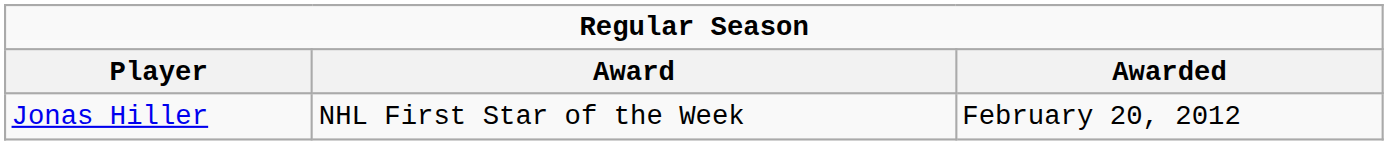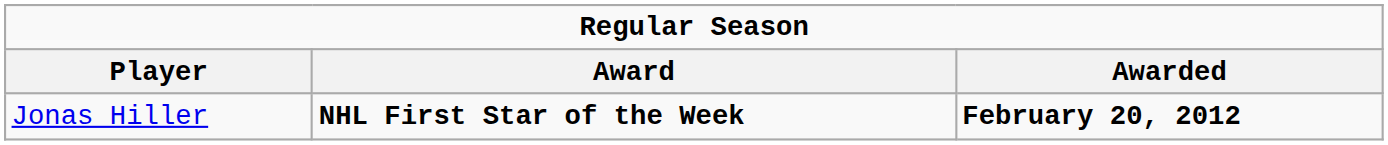 <table class="wikitable" style="width:52%;">
 <tr>
 <td colspan="10" style="text-align:center;"><strong>Regular Season</strong></td>
 </tr>
 <tr>
 <th>Player</th>
 <th>Award</th>
 <th>Awarded</th>
 </tr>
 <tr>
 <td><a href='#'>Jonas Hiller</a></td>
-<td>NHL First Star of the Week</td>
-<td>February 20, 2012</td>
+<td><strong>NHL First Star of the Week</strong></td>
+<td><strong>February 20, 2012</strong></td>
 </tr>
 </table>
